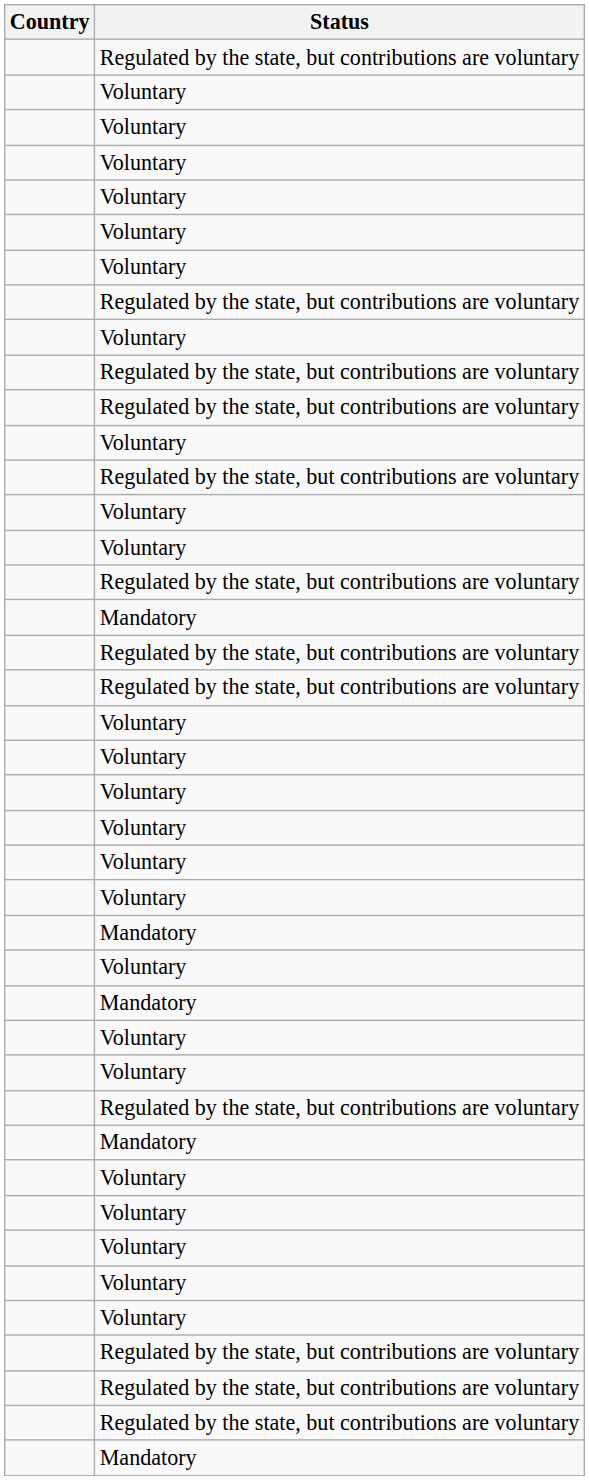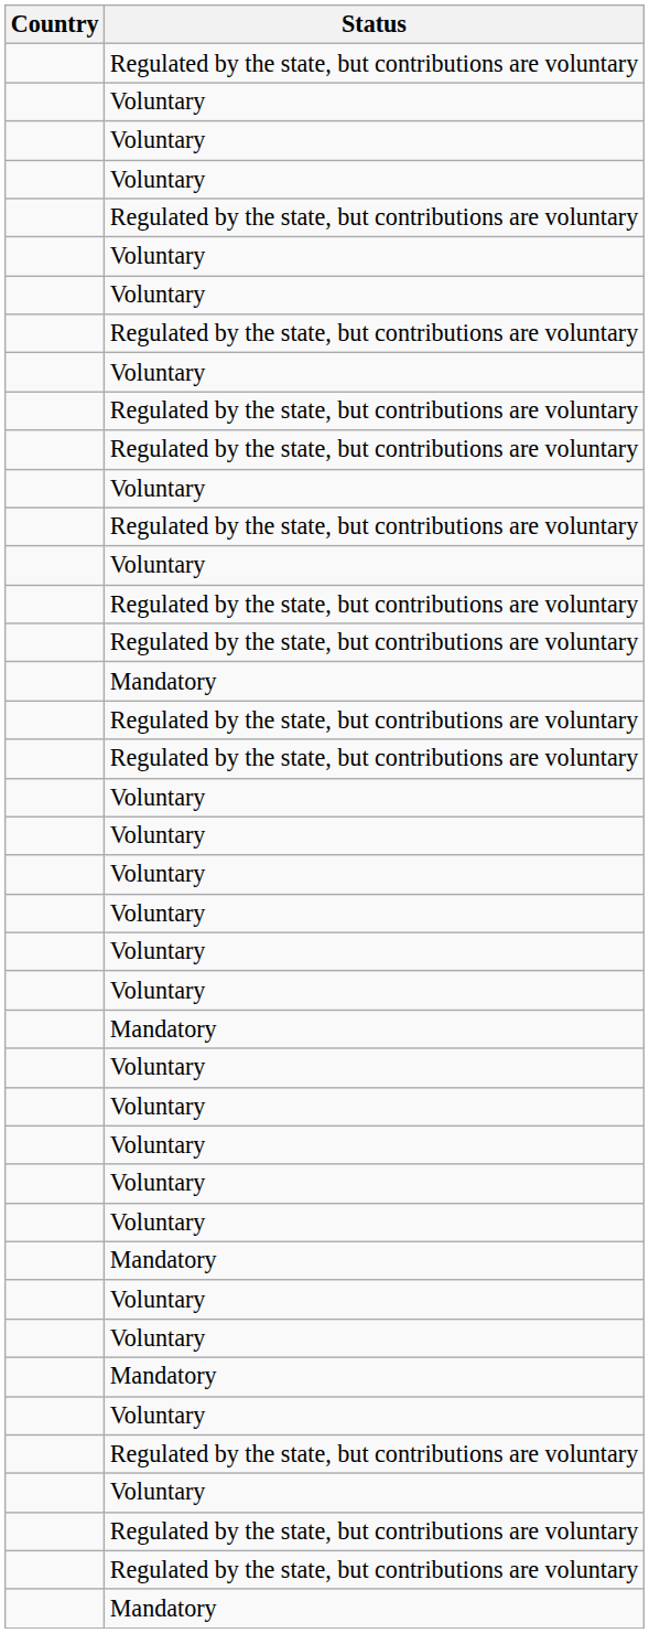 <table class="wikitable sortable">
 <tr>
 <th>Country</th>
 <th>Status</th>
 </tr>
 <tr>
 <td></td>
 <td>Regulated by the state, but contributions are voluntary</td>
 </tr>
 <tr>
 <td></td>
 <td>Voluntary</td>
 </tr>
 <tr>
 <td></td>
 <td>Voluntary</td>
 </tr>
 <tr>
 <td></td>
 <td>Voluntary</td>
 </tr>
 <tr>
 <td></td>
-<td>Voluntary</td>
+<td>Regulated by the state, but contributions are voluntary</td>
 </tr>
 <tr>
 <td></td>
 <td>Voluntary</td>
 </tr>
 <tr>
 <td></td>
 <td>Voluntary</td>
 </tr>
 <tr>
 <td></td>
 <td>Regulated by the state, but contributions are voluntary</td>
 </tr>
 <tr>
 <td></td>
 <td>Voluntary</td>
 </tr>
 <tr>
 <td></td>
 <td>Regulated by the state, but contributions are voluntary</td>
 </tr>
 <tr>
 <td></td>
 <td>Regulated by the state, but contributions are voluntary</td>
 </tr>
 <tr>
 <td></td>
 <td>Voluntary</td>
 </tr>
 <tr>
 <td></td>
 <td>Regulated by the state, but contributions are voluntary</td>
 </tr>
 <tr>
 <td></td>
 <td>Voluntary</td>
 </tr>
 <tr>
 <td></td>
-<td>Voluntary</td>
+<td>Regulated by the state, but contributions are voluntary</td>
 </tr>
 <tr>
 <td></td>
 <td>Regulated by the state, but contributions are voluntary</td>
 </tr>
 <tr>
 <td></td>
 <td>Mandatory</td>
 </tr>
 <tr>
 <td></td>
 <td>Regulated by the state, but contributions are voluntary</td>
 </tr>
 <tr>
 <td></td>
 <td>Regulated by the state, but contributions are voluntary</td>
 </tr>
 <tr>
 <td></td>
 <td>Voluntary</td>
 </tr>
 <tr>
 <td></td>
 <td>Voluntary</td>
 </tr>
 <tr>
 <td></td>
 <td>Voluntary</td>
 </tr>
 <tr>
 <td></td>
 <td>Voluntary</td>
 </tr>
 <tr>
 <td></td>
 <td>Voluntary</td>
 </tr>
 <tr>
 <td></td>
 <td>Voluntary</td>
 </tr>
 <tr>
 <td></td>
 <td>Mandatory</td>
 </tr>
 <tr>
 <td></td>
 <td>Voluntary</td>
 </tr>
 <tr>
 <td></td>
-<td>Mandatory</td>
-</tr>
-<tr>
-<td></td>
-<td>Voluntary</td>
-</tr>
-<tr>
-<td></td>
-<td>Voluntary</td>
-</tr>
-<tr>
-<td></td>
-<td>Regulated by the state, but contributions are voluntary</td>
-</tr>
-<tr>
-<td></td>
-<td>Mandatory</td>
-</tr>
-<tr>
-<td></td>
 <td>Voluntary</td>
 </tr>
 <tr>
 <td></td>
 <td>Voluntary</td>
 </tr>
 <tr>
 <td></td>
 <td>Voluntary</td>
 </tr>
 <tr>
 <td></td>
 <td>Voluntary</td>
 </tr>
 <tr>
 <td></td>
+<td>Mandatory</td>
+</tr>
+<tr>
+<td></td>
+<td>Voluntary</td>
+</tr>
+<tr>
+<td></td>
+<td>Voluntary</td>
+</tr>
+<tr>
+<td></td>
+<td>Mandatory</td>
+</tr>
+<tr>
+<td></td>
 <td>Voluntary</td>
 </tr>
 <tr>
 <td></td>
 <td>Regulated by the state, but contributions are voluntary</td>
+</tr>
+<tr>
+<td></td>
+<td>Voluntary</td>
 </tr>
 <tr>
 <td></td>
 <td>Regulated by the state, but contributions are voluntary</td>
 </tr>
 <tr>
 <td></td>
 <td>Regulated by the state, but contributions are voluntary</td>
 </tr>
 <tr>
 <td></td>
 <td>Mandatory</td>
 </tr>
 </table>
